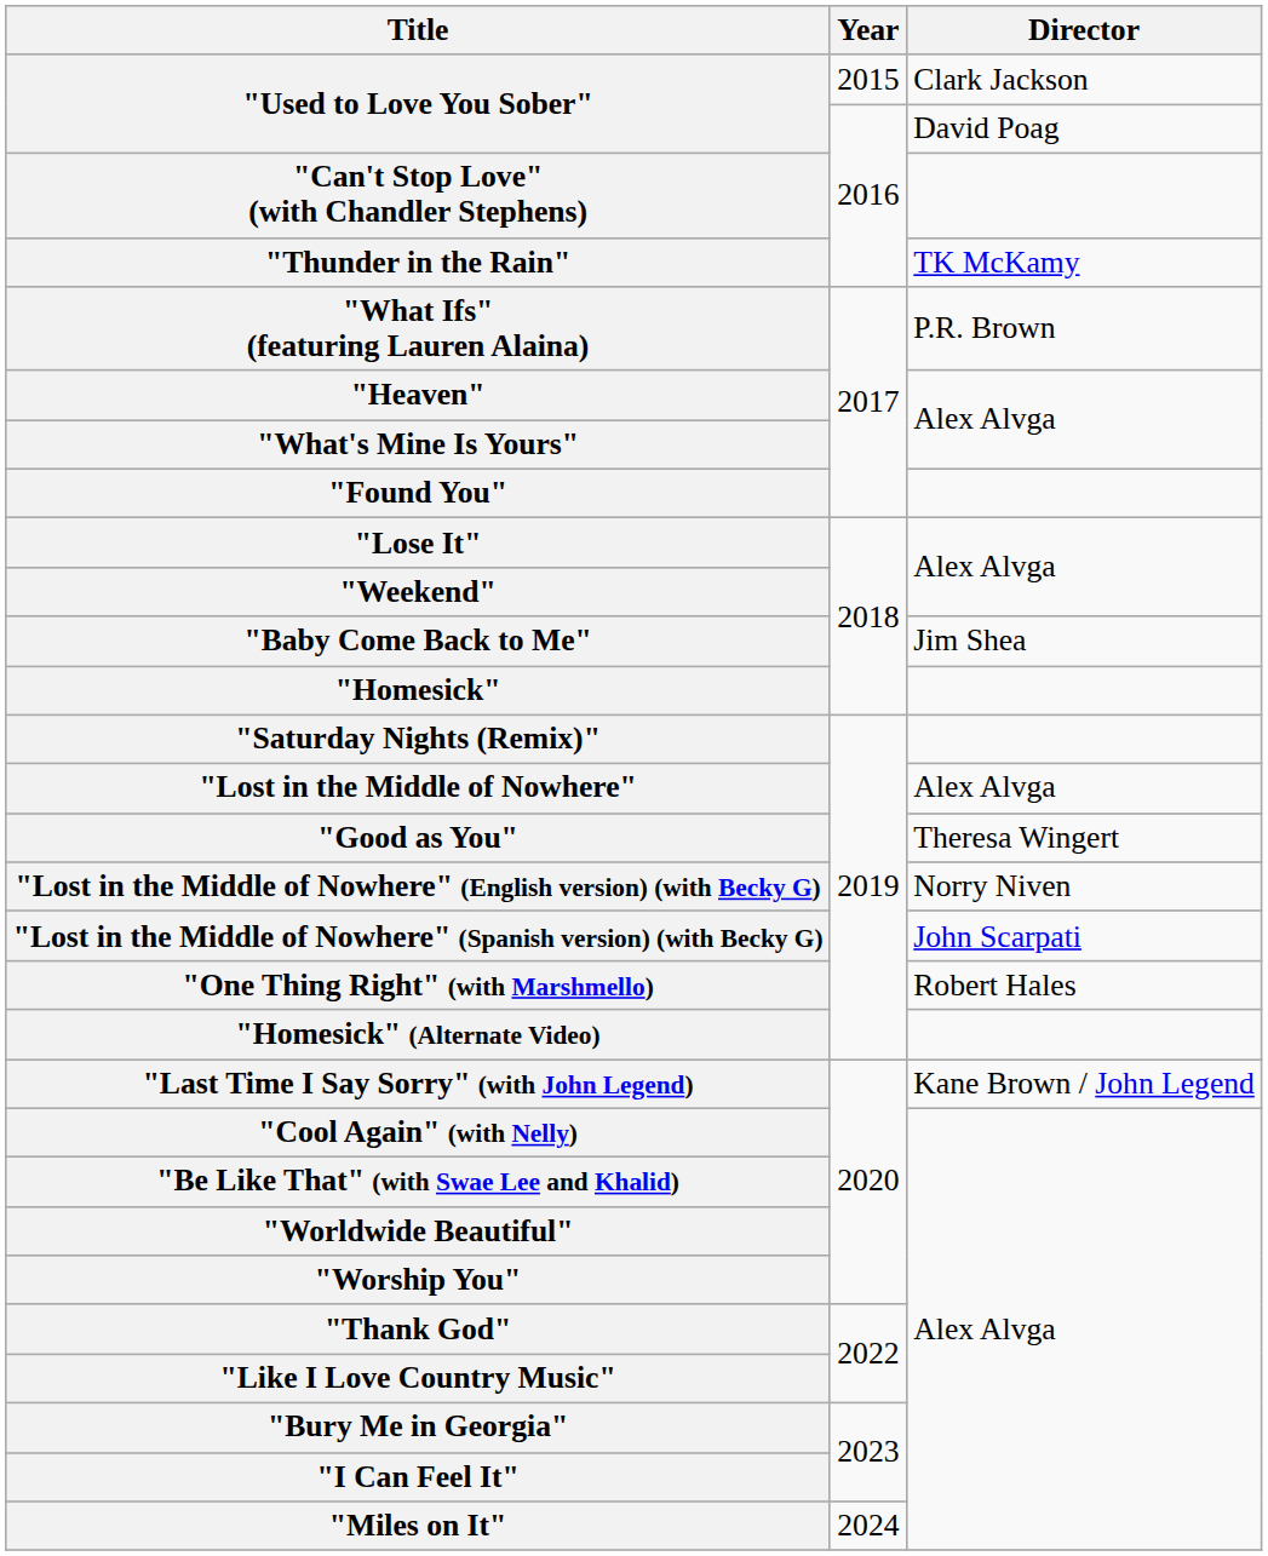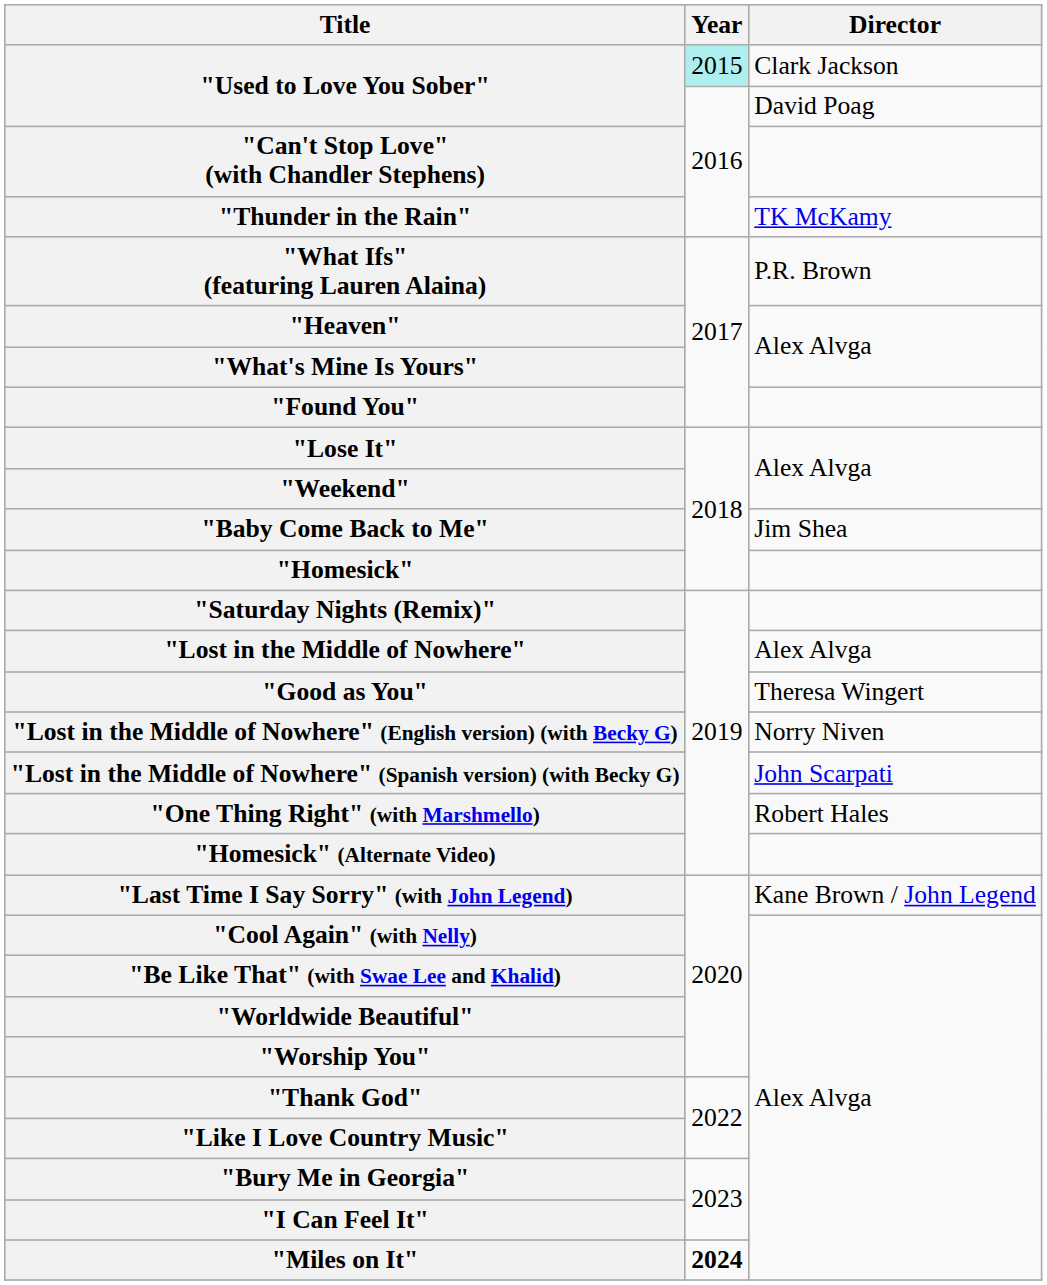 <table class="wikitable plainrowheaders">
 <tr>
 <th scope="col">Title</th>
 <th scope="col">Year</th>
 <th scope="col">Director</th>
 </tr>
 <tr>
 <th scope="row" rowspan="2">"Used to Love You Sober"</th>
-<td>2015</td>
+<td style="background: paleturquoise;">2015</td>
 <td>Clark Jackson</td>
 </tr>
 <tr>
 <td rowspan="3">2016</td>
 <td>David Poag</td>
 </tr>
 <tr>
 <th scope="row">"Can't Stop Love"<br><span>(with Chandler Stephens)</span></th>
 <td></td>
 </tr>
 <tr>
 <th scope="row">"Thunder in the Rain"</th>
 <td><a href='#'>TK McKamy</a></td>
 </tr>
 <tr>
 <th scope="row">"What Ifs"<br><span>(featuring Lauren Alaina)</span></th>
 <td rowspan="4">2017</td>
 <td>P.R. Brown</td>
 </tr>
 <tr>
 <th scope="row">"Heaven"</th>
 <td rowspan="2">Alex Alvga</td>
 </tr>
 <tr>
 <th scope="row">"What's Mine Is Yours"</th>
 </tr>
 <tr>
 <th scope="row">"Found You"</th>
 <td></td>
 </tr>
 <tr>
 <th scope="row">"Lose It"</th>
 <td rowspan="4">2018</td>
 <td rowspan="2">Alex Alvga</td>
 </tr>
 <tr>
 <th scope="row">"Weekend"</th>
 </tr>
 <tr>
 <th scope="row">"Baby Come Back to Me"</th>
 <td>Jim Shea</td>
 </tr>
 <tr>
 <th scope="row">"Homesick"</th>
 <td></td>
 </tr>
 <tr>
 <th scope="row">"Saturday Nights (Remix)"</th>
 <td rowspan="7">2019</td>
 <td></td>
 </tr>
 <tr>
 <th scope="row">"Lost in the Middle of Nowhere"</th>
 <td>Alex Alvga</td>
 </tr>
 <tr>
 <th scope="row">"Good as You"</th>
 <td>Theresa Wingert</td>
 </tr>
 <tr>
 <th scope="row">"Lost in the Middle of Nowhere" <small>(English version) (with <a href='#'>Becky G</a>)</small></th>
 <td>Norry Niven</td>
 </tr>
 <tr>
 <th scope="row">"Lost in the Middle of Nowhere" <small>(Spanish version) (with Becky G)</small></th>
 <td><a href='#'>John Scarpati</a></td>
 </tr>
 <tr>
 <th scope="row">"One Thing Right" <small>(with <a href='#'>Marshmello</a>)</small></th>
 <td>Robert Hales</td>
 </tr>
 <tr>
 <th scope="row">"Homesick" <small>(Alternate Video)</small></th>
 <td></td>
 </tr>
 <tr>
 <th scope="row">"Last Time I Say Sorry" <small>(with <a href='#'>John Legend</a>)</small></th>
 <td rowspan="5">2020</td>
 <td>Kane Brown / <a href='#'>John Legend</a></td>
 </tr>
 <tr>
 <th scope="row">"Cool Again" <small>(with <a href='#'>Nelly</a>)</small></th>
 <td rowspan="9">Alex Alvga</td>
 </tr>
 <tr>
 <th scope="row">"Be Like That" <small>(with <a href='#'>Swae Lee</a> and <a href='#'>Khalid</a>)</small></th>
 </tr>
 <tr>
 <th scope="row">"Worldwide Beautiful"</th>
 </tr>
 <tr>
 <th scope="row">"Worship You"</th>
 </tr>
 <tr>
 <th scope="row">"Thank God" </th>
 <td rowspan="2">2022</td>
 </tr>
 <tr>
 <th scope="row">"Like I Love Country Music"</th>
 </tr>
 <tr>
 <th scope="row">"Bury Me in Georgia"</th>
 <td rowspan="2">2023</td>
 </tr>
 <tr>
 <th scope="row">"I Can Feel It"</th>
 </tr>
 <tr>
 <th scope="row">"Miles on It" </th>
-<td>2024</td>
+<td><strong>2024</strong></td>
 </tr>
 </table>
